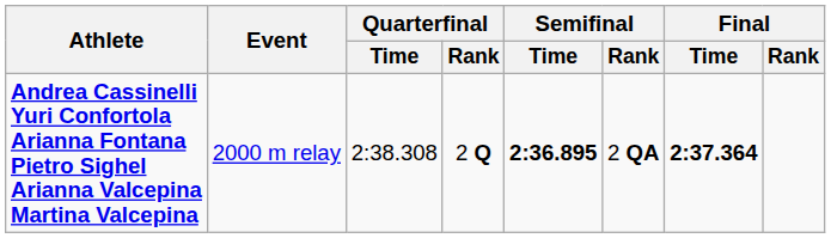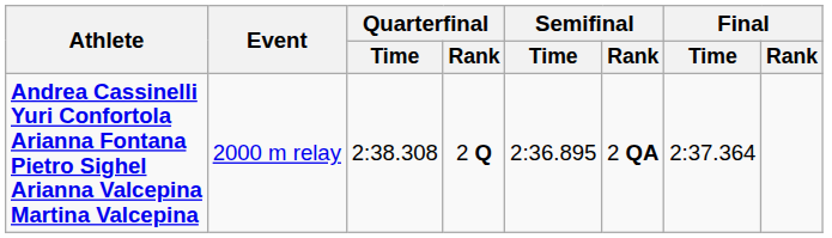 <table class=wikitable style=font-size:90%;text-align:center>
 <tr>
 <th rowspan=2>Athlete</th>
 <th rowspan=2>Event</th>
 <th colspan=2>Quarterfinal</th>
 <th colspan=2>Semifinal</th>
 <th colspan=2>Final</th>
 </tr>
 <tr style=font-size:95%>
 <th>Time</th>
 <th>Rank</th>
 <th>Time</th>
 <th>Rank</th>
 <th>Time</th>
 <th>Rank</th>
 </tr>
 <tr>
 <td align=left><strong><a href='#'>Andrea Cassinelli</a><br><a href='#'>Yuri Confortola</a><br><a href='#'>Arianna Fontana</a><br><a href='#'>Pietro Sighel</a><br><a href='#'>Arianna Valcepina</a><br><a href='#'>Martina Valcepina</a></strong></td>
 <td align=left><a href='#'>2000 m relay</a></td>
 <td>2:38.308</td>
 <td>2 <strong>Q</strong></td>
-<td><strong>2:36.895</strong></td>
+<td>2:36.895</td>
 <td>2 <strong>QA</strong></td>
-<td><strong>2:37.364</strong></td>
+<td>2:37.364</td>
 <td></td>
 </tr>
 </table>
